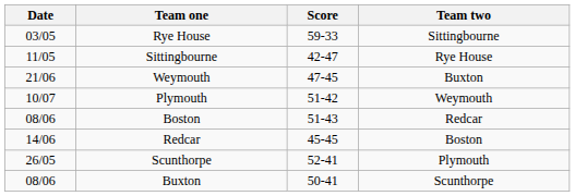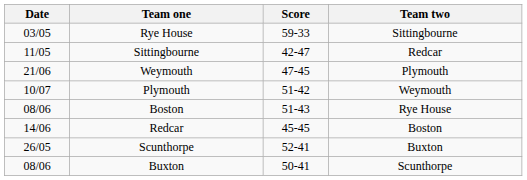 <table class="wikitable" style="text-align: center">
 <tr>
 <th width=80>Date</th>
 <th width=250>Team one</th>
 <th width=80>Score</th>
 <th width=250>Team two</th>
 </tr>
 <tr>
 <td>03/05</td>
 <td>Rye House</td>
 <td>59-33</td>
 <td>Sittingbourne</td>
 </tr>
 <tr>
 <td>11/05</td>
 <td>Sittingbourne</td>
 <td>42-47</td>
-<td>Rye House</td>
+<td>Redcar</td>
 </tr>
 <tr>
 <td>21/06</td>
 <td>Weymouth</td>
 <td>47-45</td>
-<td>Buxton</td>
+<td>Plymouth</td>
 </tr>
 <tr>
 <td>10/07</td>
 <td>Plymouth</td>
 <td>51-42</td>
 <td>Weymouth</td>
 </tr>
 <tr>
 <td>08/06</td>
 <td>Boston</td>
 <td>51-43</td>
-<td>Redcar</td>
+<td>Rye House</td>
 </tr>
 <tr>
 <td>14/06</td>
 <td>Redcar</td>
 <td>45-45</td>
 <td>Boston</td>
 </tr>
 <tr>
 <td>26/05</td>
 <td>Scunthorpe</td>
 <td>52-41</td>
-<td>Plymouth</td>
+<td>Buxton</td>
 </tr>
 <tr>
 <td>08/06</td>
 <td>Buxton</td>
 <td>50-41</td>
 <td>Scunthorpe</td>
 </tr>
 </table>
